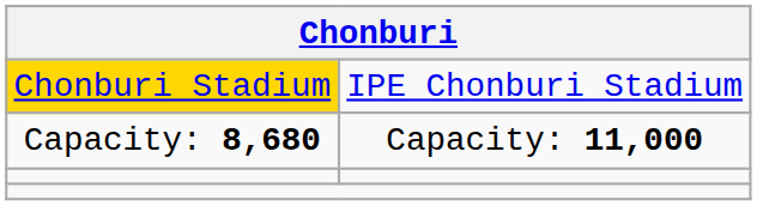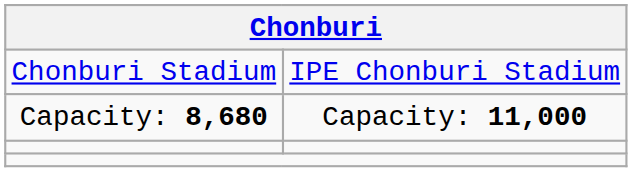 <table class="wikitable" style="text-align:center;margin: auto">
 <tr>
 <th colspan=2><a href='#'>Chonburi</a></th>
 </tr>
 <tr>
-<td style="background: gold;"><a href='#'>Chonburi Stadium</a></td>
+<td><a href='#'>Chonburi Stadium</a></td>
 <td><a href='#'>IPE Chonburi Stadium</a></td>
 </tr>
 <tr>
 <td>Capacity: <strong>8,680</strong></td>
 <td>Capacity: <strong>11,000</strong></td>
 </tr>
 <tr>
 <td></td>
 <td></td>
 </tr>
 <tr>
 <td rowspan=2 colspan=2></td>
 </tr>
 </table>
